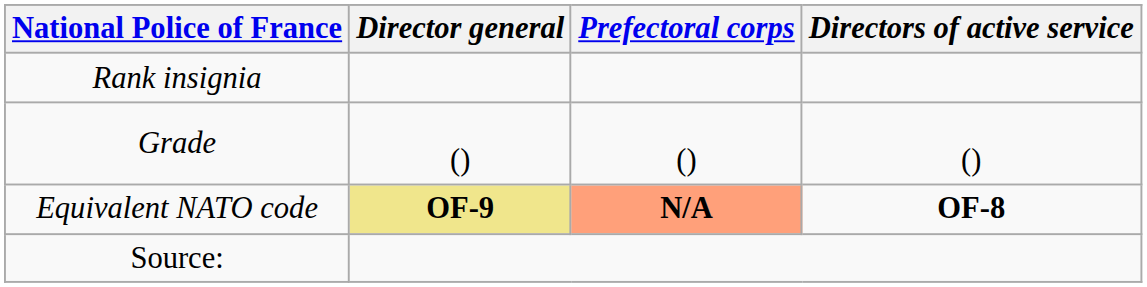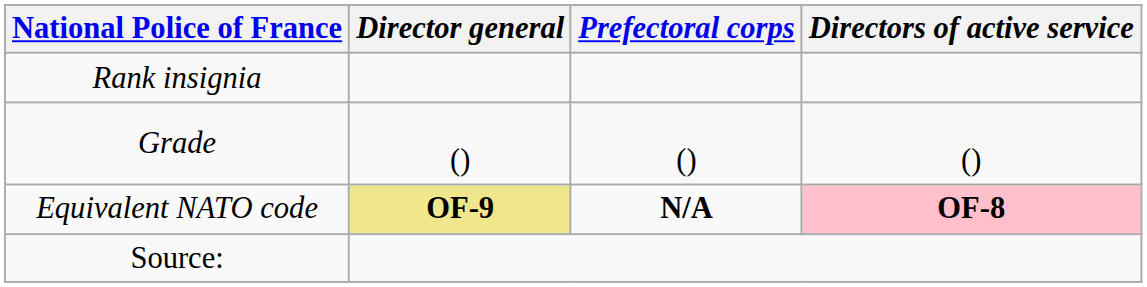 <table class="wikitable" style="text-align: center;">
 <tr>
 <th><a href='#'>National Police of France</a></th>
 <th><em>Director general</em></th>
 <th><em> <a href='#'>Prefectoral corps</a></em></th>
 <th><em> Directors of active service</em></th>
 </tr>
 <tr>
 <td><em>Rank insignia</em></td>
 <td></td>
 <td></td>
 <td></td>
 </tr>
 <tr>
 <td><em>Grade</em></td>
 <td><br>()</td>
 <td><br>()</td>
 <td><br>()</td>
 </tr>
 <tr>
 <td><em>Equivalent NATO code</em></td>
 <td style="background: khaki;"><strong>OF-9</strong></td>
-<td style="background: lightsalmon;"><strong>N/A</strong></td>
-<td><strong>OF-8</strong></td>
+<td><strong>N/A</strong></td>
+<td style="background: pink;"><strong>OF-8</strong></td>
 </tr>
 <tr>
 <td>Source:</td>
 <td colspan=5></td>
 </tr>
 </table>
